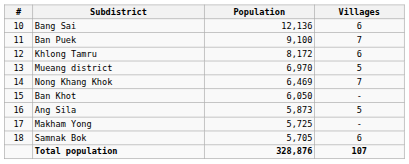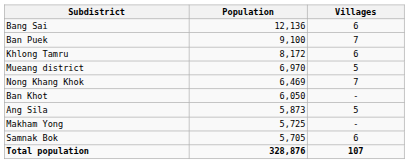 <table class="wikitable" style="width:48%; display:inline-table;">
 <tr>
-<th>#</th>
 <th>Subdistrict</th>
 <th>Population</th>
 <th>Villages</th>
 </tr>
 <tr>
-<td style="text-align:center;">10</td>
 <td>Bang Sai</td>
 <td style="text-align:right;">12,136</td>
 <td style="text-align:center;">6</td>
 </tr>
 <tr>
-<td style="text-align:center;">11</td>
 <td>Ban Puek</td>
 <td style="text-align:right;">9,100</td>
 <td style="text-align:center;">7</td>
 </tr>
 <tr>
-<td style="text-align:center;">12</td>
 <td>Khlong Tamru</td>
 <td style="text-align:right;">8,172</td>
 <td style="text-align:center;">6</td>
 </tr>
 <tr>
-<td style="text-align:center;">13</td>
 <td>Mueang district</td>
 <td style="text-align:right;">6,970</td>
 <td style="text-align:center;">5</td>
 </tr>
 <tr>
-<td style="text-align:center;">14</td>
 <td>Nong Khang Khok</td>
 <td style="text-align:right;">6,469</td>
 <td style="text-align:center;">7</td>
 </tr>
 <tr>
-<td style="text-align:center;">15</td>
 <td>Ban Khot</td>
 <td style="text-align:right;">6,050</td>
 <td style="text-align:center;">-</td>
 </tr>
 <tr>
-<td style="text-align:center;">16</td>
 <td>Ang Sila</td>
 <td style="text-align:right;">5,873</td>
 <td style="text-align:center;">5</td>
 </tr>
 <tr>
-<td style="text-align:center;">17</td>
 <td>Makham Yong</td>
 <td style="text-align:right;">5,725</td>
 <td style="text-align:center;">-</td>
 </tr>
 <tr>
-<td style="text-align:center;">18</td>
 <td>Samnak Bok</td>
 <td style="text-align:right;">5,705</td>
 <td style="text-align:center;">6</td>
 </tr>
 <tr>
-<td></td>
 <td><strong>Total population</strong></td>
 <td style="text-align:right;"><strong>328,876</strong></td>
 <td style="text-align:center;"><strong>107</strong></td>
 </tr>
 </table>
